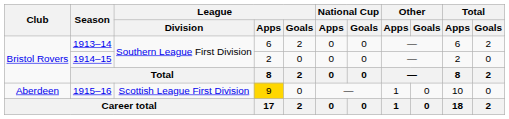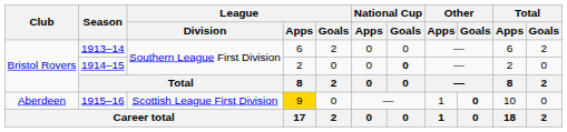 <table class="wikitable" style="text-align: center;">
 <tr>
 <th rowspan="2">Club</th>
 <th rowspan="2">Season</th>
 <th colspan="3">League</th>
 <th colspan="2">National Cup</th>
 <th colspan="2">Other</th>
 <th colspan="2">Total</th>
 </tr>
 <tr>
 <th>Division</th>
 <th>Apps</th>
 <th>Goals</th>
 <th>Apps</th>
 <th>Goals</th>
 <th>Apps</th>
 <th>Goals</th>
 <th>Apps</th>
 <th>Goals</th>
 </tr>
 <tr>
 <td rowspan="3"><a href='#'>Bristol Rovers</a></td>
 <td><a href='#'>1913–14</a></td>
 <td rowspan="2"><a href='#'>Southern League</a> First Division</td>
 <td>6</td>
 <td>2</td>
 <td>0</td>
 <td>0</td>
 <td colspan="2">—</td>
 <td>6</td>
 <td>2</td>
 </tr>
 <tr>
 <td><a href='#'>1914–15</a></td>
 <td>2</td>
 <td>0</td>
 <td>0</td>
-<td>0</td>
+<td><strong>0</strong></td>
 <td colspan="2">—</td>
 <td>2</td>
 <td>0</td>
 </tr>
 <tr>
 <th colspan="2">Total</th>
 <th>8</th>
 <th>2</th>
 <th>0</th>
 <th>0</th>
 <th colspan="2">—</th>
 <th>8</th>
 <th>2</th>
 </tr>
 <tr>
 <td><a href='#'>Aberdeen</a></td>
 <td><a href='#'>1915–16</a></td>
 <td><a href='#'>Scottish League First Division</a></td>
 <td style="background: gold;">9</td>
 <td>0</td>
 <td colspan="2">—</td>
 <td>1</td>
-<td>0</td>
+<td><strong>0</strong></td>
 <td>10</td>
 <td>0</td>
 </tr>
 <tr>
 <th colspan="3">Career total</th>
 <th>17</th>
 <th>2</th>
 <th>0</th>
 <th>0</th>
 <th>1</th>
 <th>0</th>
 <th>18</th>
 <th>2</th>
 </tr>
 </table>
